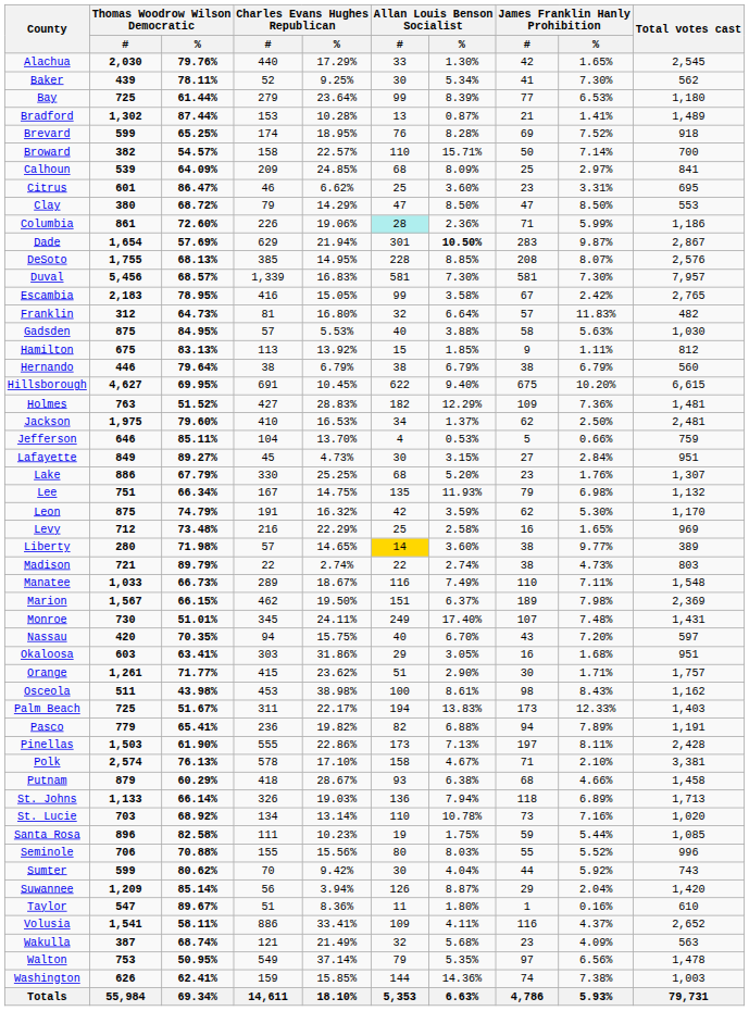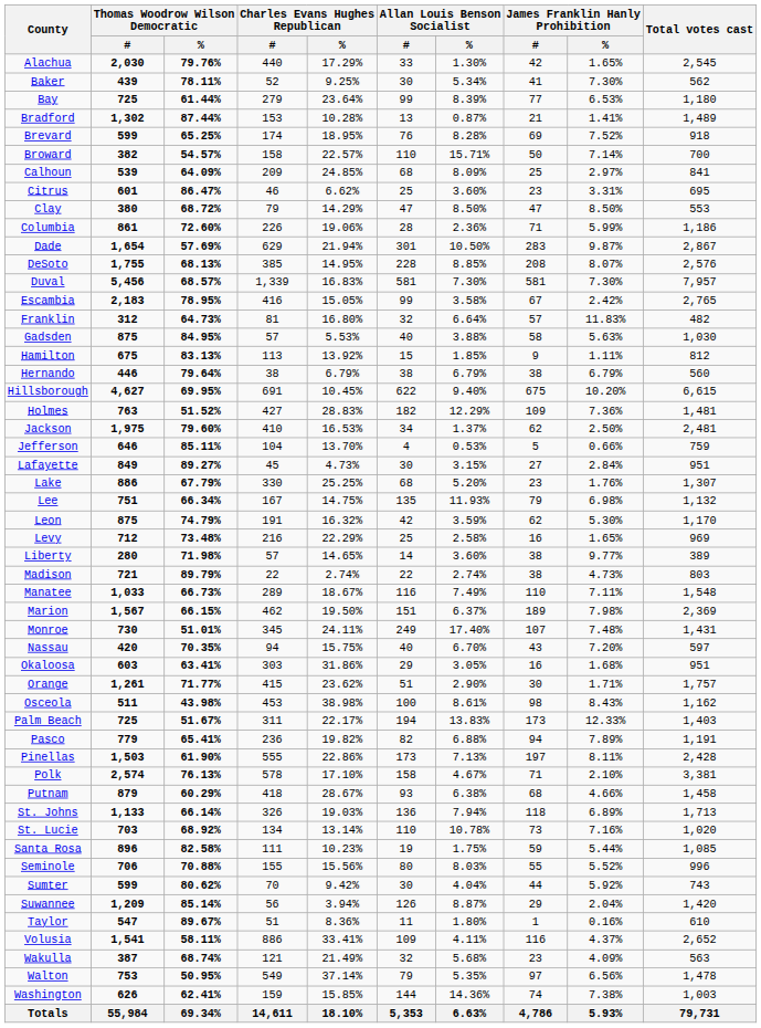 <table class="wikitable sortable">
 <tr>
 <th rowspan="2">County</th>
 <th colspan="2">Thomas Woodrow Wilson<br>Democratic</th>
 <th colspan="2">Charles Evans Hughes<br>Republican</th>
 <th colspan="2">Allan Louis Benson<br>Socialist</th>
 <th colspan="2">James Franklin Hanly<br>Prohibition</th>
 <th rowspan="2">Total votes cast</th>
 </tr>
 <tr bgcolor="lightgrey">
 <th>#</th>
 <th>%</th>
 <th>#</th>
 <th>%</th>
 <th>#</th>
 <th>%</th>
 <th>#</th>
 <th>%</th>
 </tr>
 <tr style="text-align:center;">
 <td><a href='#'>Alachua</a></td>
 <td><strong>2,030</strong></td>
 <td><strong>79.76%</strong></td>
 <td>440</td>
 <td>17.29%</td>
 <td>33</td>
 <td>1.30%</td>
 <td>42</td>
 <td>1.65%</td>
 <td>2,545</td>
 </tr>
 <tr style="text-align:center;">
 <td><a href='#'>Baker</a></td>
 <td><strong>439</strong></td>
 <td><strong>78.11%</strong></td>
 <td>52</td>
 <td>9.25%</td>
 <td>30</td>
 <td>5.34%</td>
 <td>41</td>
 <td>7.30%</td>
 <td>562</td>
 </tr>
 <tr style="text-align:center;">
 <td><a href='#'>Bay</a></td>
 <td><strong>725</strong></td>
 <td><strong>61.44%</strong></td>
 <td>279</td>
 <td>23.64%</td>
 <td>99</td>
 <td>8.39%</td>
 <td>77</td>
 <td>6.53%</td>
 <td>1,180</td>
 </tr>
 <tr style="text-align:center;">
 <td><a href='#'>Bradford</a></td>
 <td><strong>1,302</strong></td>
 <td><strong>87.44%</strong></td>
 <td>153</td>
 <td>10.28%</td>
 <td>13</td>
 <td>0.87%</td>
 <td>21</td>
 <td>1.41%</td>
 <td>1,489</td>
 </tr>
 <tr style="text-align:center;">
 <td><a href='#'>Brevard</a></td>
 <td><strong>599</strong></td>
 <td><strong>65.25%</strong></td>
 <td>174</td>
 <td>18.95%</td>
 <td>76</td>
 <td>8.28%</td>
 <td>69</td>
 <td>7.52%</td>
 <td>918</td>
 </tr>
 <tr style="text-align:center;">
 <td><a href='#'>Broward</a></td>
 <td><strong>382</strong></td>
 <td><strong>54.57%</strong></td>
 <td>158</td>
 <td>22.57%</td>
 <td>110</td>
 <td>15.71%</td>
 <td>50</td>
 <td>7.14%</td>
 <td>700</td>
 </tr>
 <tr style="text-align:center;">
 <td><a href='#'>Calhoun</a></td>
 <td><strong>539</strong></td>
 <td><strong>64.09%</strong></td>
 <td>209</td>
 <td>24.85%</td>
 <td>68</td>
 <td>8.09%</td>
 <td>25</td>
 <td>2.97%</td>
 <td>841</td>
 </tr>
 <tr style="text-align:center;">
 <td><a href='#'>Citrus</a></td>
 <td><strong>601</strong></td>
 <td><strong>86.47%</strong></td>
 <td>46</td>
 <td>6.62%</td>
 <td>25</td>
 <td>3.60%</td>
 <td>23</td>
 <td>3.31%</td>
 <td>695</td>
 </tr>
 <tr style="text-align:center;">
 <td><a href='#'>Clay</a></td>
 <td><strong>380</strong></td>
 <td><strong>68.72%</strong></td>
 <td>79</td>
 <td>14.29%</td>
 <td>47</td>
 <td>8.50%</td>
 <td>47</td>
 <td>8.50%</td>
 <td>553</td>
 </tr>
 <tr style="text-align:center;">
 <td><a href='#'>Columbia</a></td>
 <td><strong>861</strong></td>
 <td><strong>72.60%</strong></td>
 <td>226</td>
 <td>19.06%</td>
-<td style="background: paleturquoise;">28</td>
+<td>28</td>
 <td>2.36%</td>
 <td>71</td>
 <td>5.99%</td>
 <td>1,186</td>
 </tr>
 <tr style="text-align:center;">
 <td><a href='#'>Dade</a></td>
 <td><strong>1,654</strong></td>
 <td><strong>57.69%</strong></td>
 <td>629</td>
 <td>21.94%</td>
 <td>301</td>
-<td><strong>10.50%</strong></td>
+<td>10.50%</td>
 <td>283</td>
 <td>9.87%</td>
 <td>2,867</td>
 </tr>
 <tr style="text-align:center;">
 <td><a href='#'>DeSoto</a></td>
 <td><strong>1,755</strong></td>
 <td><strong>68.13%</strong></td>
 <td>385</td>
 <td>14.95%</td>
 <td>228</td>
 <td>8.85%</td>
 <td>208</td>
 <td>8.07%</td>
 <td>2,576</td>
 </tr>
 <tr style="text-align:center;">
 <td><a href='#'>Duval</a></td>
 <td><strong>5,456</strong></td>
 <td><strong>68.57%</strong></td>
 <td>1,339</td>
 <td>16.83%</td>
 <td>581</td>
 <td>7.30%</td>
 <td>581</td>
 <td>7.30%</td>
 <td>7,957</td>
 </tr>
 <tr style="text-align:center;">
 <td><a href='#'>Escambia</a></td>
 <td><strong>2,183</strong></td>
 <td><strong>78.95%</strong></td>
 <td>416</td>
 <td>15.05%</td>
 <td>99</td>
 <td>3.58%</td>
 <td>67</td>
 <td>2.42%</td>
 <td>2,765</td>
 </tr>
 <tr style="text-align:center;">
 <td><a href='#'>Franklin</a></td>
 <td><strong>312</strong></td>
 <td><strong>64.73%</strong></td>
 <td>81</td>
 <td>16.80%</td>
 <td>32</td>
 <td>6.64%</td>
 <td>57</td>
 <td>11.83%</td>
 <td>482</td>
 </tr>
 <tr style="text-align:center;">
 <td><a href='#'>Gadsden</a></td>
 <td><strong>875</strong></td>
 <td><strong>84.95%</strong></td>
 <td>57</td>
 <td>5.53%</td>
 <td>40</td>
 <td>3.88%</td>
 <td>58</td>
 <td>5.63%</td>
 <td>1,030</td>
 </tr>
 <tr style="text-align:center;">
 <td><a href='#'>Hamilton</a></td>
 <td><strong>675</strong></td>
 <td><strong>83.13%</strong></td>
 <td>113</td>
 <td>13.92%</td>
 <td>15</td>
 <td>1.85%</td>
 <td>9</td>
 <td>1.11%</td>
 <td>812</td>
 </tr>
 <tr style="text-align:center;">
 <td><a href='#'>Hernando</a></td>
 <td><strong>446</strong></td>
 <td><strong>79.64%</strong></td>
 <td>38</td>
 <td>6.79%</td>
 <td>38</td>
 <td>6.79%</td>
 <td>38</td>
 <td>6.79%</td>
 <td>560</td>
 </tr>
 <tr style="text-align:center;">
 <td><a href='#'>Hillsborough</a></td>
 <td><strong>4,627</strong></td>
 <td><strong>69.95%</strong></td>
 <td>691</td>
 <td>10.45%</td>
 <td>622</td>
 <td>9.40%</td>
 <td>675</td>
 <td>10.20%</td>
 <td>6,615</td>
 </tr>
 <tr style="text-align:center;">
 <td><a href='#'>Holmes</a></td>
 <td><strong>763</strong></td>
 <td><strong>51.52%</strong></td>
 <td>427</td>
 <td>28.83%</td>
 <td>182</td>
 <td>12.29%</td>
 <td>109</td>
 <td>7.36%</td>
 <td>1,481</td>
 </tr>
 <tr style="text-align:center;">
 <td><a href='#'>Jackson</a></td>
 <td><strong>1,975</strong></td>
 <td><strong>79.60%</strong></td>
 <td>410</td>
 <td>16.53%</td>
 <td>34</td>
 <td>1.37%</td>
 <td>62</td>
 <td>2.50%</td>
 <td>2,481</td>
 </tr>
 <tr style="text-align:center;">
 <td><a href='#'>Jefferson</a></td>
 <td><strong>646</strong></td>
 <td><strong>85.11%</strong></td>
 <td>104</td>
 <td>13.70%</td>
 <td>4</td>
 <td>0.53%</td>
 <td>5</td>
 <td>0.66%</td>
 <td>759</td>
 </tr>
 <tr style="text-align:center;">
 <td><a href='#'>Lafayette</a></td>
 <td><strong>849</strong></td>
 <td><strong>89.27%</strong></td>
 <td>45</td>
 <td>4.73%</td>
 <td>30</td>
 <td>3.15%</td>
 <td>27</td>
 <td>2.84%</td>
 <td>951</td>
 </tr>
 <tr style="text-align:center;">
 <td><a href='#'>Lake</a></td>
 <td><strong>886</strong></td>
 <td><strong>67.79%</strong></td>
 <td>330</td>
 <td>25.25%</td>
 <td>68</td>
 <td>5.20%</td>
 <td>23</td>
 <td>1.76%</td>
 <td>1,307</td>
 </tr>
 <tr style="text-align:center;">
 <td><a href='#'>Lee</a></td>
 <td><strong>751</strong></td>
 <td><strong>66.34%</strong></td>
 <td>167</td>
 <td>14.75%</td>
 <td>135</td>
 <td>11.93%</td>
 <td>79</td>
 <td>6.98%</td>
 <td>1,132</td>
 </tr>
 <tr style="text-align:center;">
 <td><a href='#'>Leon</a></td>
 <td><strong>875</strong></td>
 <td><strong>74.79%</strong></td>
 <td>191</td>
 <td>16.32%</td>
 <td>42</td>
 <td>3.59%</td>
 <td>62</td>
 <td>5.30%</td>
 <td>1,170</td>
 </tr>
 <tr style="text-align:center;">
 <td><a href='#'>Levy</a></td>
 <td><strong>712</strong></td>
 <td><strong>73.48%</strong></td>
 <td>216</td>
 <td>22.29%</td>
 <td>25</td>
 <td>2.58%</td>
 <td>16</td>
 <td>1.65%</td>
 <td>969</td>
 </tr>
 <tr style="text-align:center;">
 <td><a href='#'>Liberty</a></td>
 <td><strong>280</strong></td>
 <td><strong>71.98%</strong></td>
 <td>57</td>
 <td>14.65%</td>
-<td style="background: gold;">14</td>
+<td>14</td>
 <td>3.60%</td>
 <td>38</td>
 <td>9.77%</td>
 <td>389</td>
 </tr>
 <tr style="text-align:center;">
 <td><a href='#'>Madison</a></td>
 <td><strong>721</strong></td>
 <td><strong>89.79%</strong></td>
 <td>22</td>
 <td>2.74%</td>
 <td>22</td>
 <td>2.74%</td>
 <td>38</td>
 <td>4.73%</td>
 <td>803</td>
 </tr>
 <tr style="text-align:center;">
 <td><a href='#'>Manatee</a></td>
 <td><strong>1,033</strong></td>
 <td><strong>66.73%</strong></td>
 <td>289</td>
 <td>18.67%</td>
 <td>116</td>
 <td>7.49%</td>
 <td>110</td>
 <td>7.11%</td>
 <td>1,548</td>
 </tr>
 <tr style="text-align:center;">
 <td><a href='#'>Marion</a></td>
 <td><strong>1,567</strong></td>
 <td><strong>66.15%</strong></td>
 <td>462</td>
 <td>19.50%</td>
 <td>151</td>
 <td>6.37%</td>
 <td>189</td>
 <td>7.98%</td>
 <td>2,369</td>
 </tr>
 <tr style="text-align:center;">
 <td><a href='#'>Monroe</a></td>
 <td><strong>730</strong></td>
 <td><strong>51.01%</strong></td>
 <td>345</td>
 <td>24.11%</td>
 <td>249</td>
 <td>17.40%</td>
 <td>107</td>
 <td>7.48%</td>
 <td>1,431</td>
 </tr>
 <tr style="text-align:center;">
 <td><a href='#'>Nassau</a></td>
 <td><strong>420</strong></td>
 <td><strong>70.35%</strong></td>
 <td>94</td>
 <td>15.75%</td>
 <td>40</td>
 <td>6.70%</td>
 <td>43</td>
 <td>7.20%</td>
 <td>597</td>
 </tr>
 <tr style="text-align:center;">
 <td><a href='#'>Okaloosa</a></td>
 <td><strong>603</strong></td>
 <td><strong>63.41%</strong></td>
 <td>303</td>
 <td>31.86%</td>
 <td>29</td>
 <td>3.05%</td>
 <td>16</td>
 <td>1.68%</td>
 <td>951</td>
 </tr>
 <tr style="text-align:center;">
 <td><a href='#'>Orange</a></td>
 <td><strong>1,261</strong></td>
 <td><strong>71.77%</strong></td>
 <td>415</td>
 <td>23.62%</td>
 <td>51</td>
 <td>2.90%</td>
 <td>30</td>
 <td>1.71%</td>
 <td>1,757</td>
 </tr>
 <tr style="text-align:center;">
 <td><a href='#'>Osceola</a></td>
 <td><strong>511</strong></td>
 <td><strong>43.98%</strong></td>
 <td>453</td>
 <td>38.98%</td>
 <td>100</td>
 <td>8.61%</td>
 <td>98</td>
 <td>8.43%</td>
 <td>1,162</td>
 </tr>
 <tr style="text-align:center;">
 <td><a href='#'>Palm Beach</a></td>
 <td><strong>725</strong></td>
 <td><strong>51.67%</strong></td>
 <td>311</td>
 <td>22.17%</td>
 <td>194</td>
 <td>13.83%</td>
 <td>173</td>
 <td>12.33%</td>
 <td>1,403</td>
 </tr>
 <tr style="text-align:center;">
 <td><a href='#'>Pasco</a></td>
 <td><strong>779</strong></td>
 <td><strong>65.41%</strong></td>
 <td>236</td>
 <td>19.82%</td>
 <td>82</td>
 <td>6.88%</td>
 <td>94</td>
 <td>7.89%</td>
 <td>1,191</td>
 </tr>
 <tr style="text-align:center;">
 <td><a href='#'>Pinellas</a></td>
 <td><strong>1,503</strong></td>
 <td><strong>61.90%</strong></td>
 <td>555</td>
 <td>22.86%</td>
 <td>173</td>
 <td>7.13%</td>
 <td>197</td>
 <td>8.11%</td>
 <td>2,428</td>
 </tr>
 <tr style="text-align:center;">
 <td><a href='#'>Polk</a></td>
 <td><strong>2,574</strong></td>
 <td><strong>76.13%</strong></td>
 <td>578</td>
 <td>17.10%</td>
 <td>158</td>
 <td>4.67%</td>
 <td>71</td>
 <td>2.10%</td>
 <td>3,381</td>
 </tr>
 <tr style="text-align:center;">
 <td><a href='#'>Putnam</a></td>
 <td><strong>879</strong></td>
 <td><strong>60.29%</strong></td>
 <td>418</td>
 <td>28.67%</td>
 <td>93</td>
 <td>6.38%</td>
 <td>68</td>
 <td>4.66%</td>
 <td>1,458</td>
 </tr>
 <tr style="text-align:center;">
 <td><a href='#'>St. Johns</a></td>
 <td><strong>1,133</strong></td>
 <td><strong>66.14%</strong></td>
 <td>326</td>
 <td>19.03%</td>
 <td>136</td>
 <td>7.94%</td>
 <td>118</td>
 <td>6.89%</td>
 <td>1,713</td>
 </tr>
 <tr style="text-align:center;">
 <td><a href='#'>St. Lucie</a></td>
 <td><strong>703</strong></td>
 <td><strong>68.92%</strong></td>
 <td>134</td>
 <td>13.14%</td>
 <td>110</td>
 <td>10.78%</td>
 <td>73</td>
 <td>7.16%</td>
 <td>1,020</td>
 </tr>
 <tr style="text-align:center;">
 <td><a href='#'>Santa Rosa</a></td>
 <td><strong>896</strong></td>
 <td><strong>82.58%</strong></td>
 <td>111</td>
 <td>10.23%</td>
 <td>19</td>
 <td>1.75%</td>
 <td>59</td>
 <td>5.44%</td>
 <td>1,085</td>
 </tr>
 <tr style="text-align:center;">
 <td><a href='#'>Seminole</a></td>
 <td><strong>706</strong></td>
 <td><strong>70.88%</strong></td>
 <td>155</td>
 <td>15.56%</td>
 <td>80</td>
 <td>8.03%</td>
 <td>55</td>
 <td>5.52%</td>
 <td>996</td>
 </tr>
 <tr style="text-align:center;">
 <td><a href='#'>Sumter</a></td>
 <td><strong>599</strong></td>
 <td><strong>80.62%</strong></td>
 <td>70</td>
 <td>9.42%</td>
 <td>30</td>
 <td>4.04%</td>
 <td>44</td>
 <td>5.92%</td>
 <td>743</td>
 </tr>
 <tr style="text-align:center;">
 <td><a href='#'>Suwannee</a></td>
 <td><strong>1,209</strong></td>
 <td><strong>85.14%</strong></td>
 <td>56</td>
 <td>3.94%</td>
 <td>126</td>
 <td>8.87%</td>
 <td>29</td>
 <td>2.04%</td>
 <td>1,420</td>
 </tr>
 <tr style="text-align:center;">
 <td><a href='#'>Taylor</a></td>
 <td><strong>547</strong></td>
 <td><strong>89.67%</strong></td>
 <td>51</td>
 <td>8.36%</td>
 <td>11</td>
 <td>1.80%</td>
 <td>1</td>
 <td>0.16%</td>
 <td>610</td>
 </tr>
 <tr style="text-align:center;">
 <td><a href='#'>Volusia</a></td>
 <td><strong>1,541</strong></td>
 <td><strong>58.11%</strong></td>
 <td>886</td>
 <td>33.41%</td>
 <td>109</td>
 <td>4.11%</td>
 <td>116</td>
 <td>4.37%</td>
 <td>2,652</td>
 </tr>
 <tr style="text-align:center;">
 <td><a href='#'>Wakulla</a></td>
 <td><strong>387</strong></td>
 <td><strong>68.74%</strong></td>
 <td>121</td>
 <td>21.49%</td>
 <td>32</td>
 <td>5.68%</td>
 <td>23</td>
 <td>4.09%</td>
 <td>563</td>
 </tr>
 <tr style="text-align:center;">
 <td><a href='#'>Walton</a></td>
 <td><strong>753</strong></td>
 <td><strong>50.95%</strong></td>
 <td>549</td>
 <td>37.14%</td>
 <td>79</td>
 <td>5.35%</td>
 <td>97</td>
 <td>6.56%</td>
 <td>1,478</td>
 </tr>
 <tr style="text-align:center;">
 <td><a href='#'>Washington</a></td>
 <td><strong>626</strong></td>
 <td><strong>62.41%</strong></td>
 <td>159</td>
 <td>15.85%</td>
 <td>144</td>
 <td>14.36%</td>
 <td>74</td>
 <td>7.38%</td>
 <td>1,003</td>
 </tr>
 <tr style="text-align:center;">
 <th>Totals</th>
 <th>55,984</th>
 <th>69.34%</th>
 <th>14,611</th>
 <th>18.10%</th>
 <th>5,353</th>
 <th>6.63%</th>
 <th>4,786</th>
 <th>5.93%</th>
 <th>79,731</th>
 </tr>
 </table>
